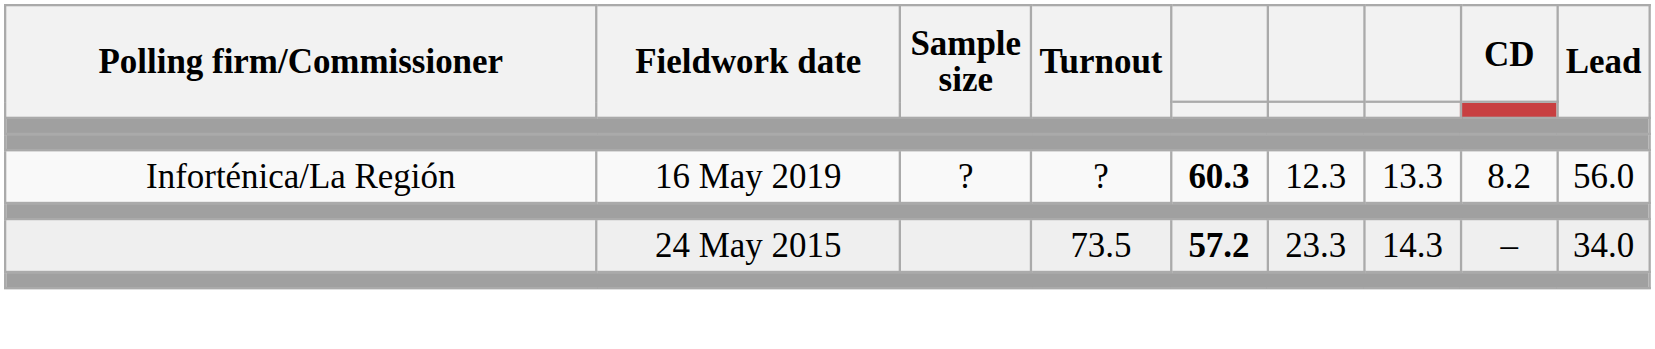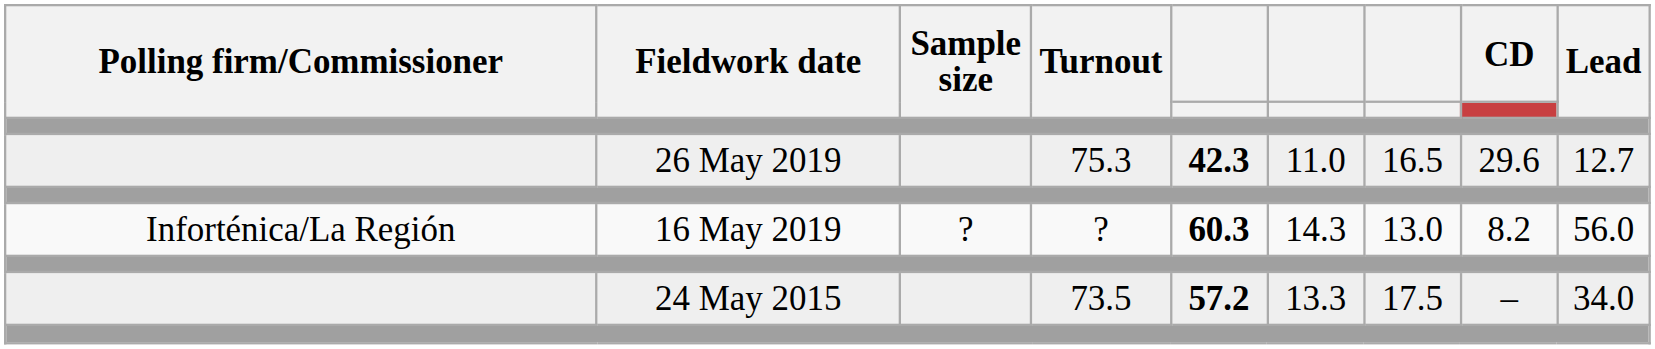 <table class="wikitable collapsible collapsed" style="text-align:center; font-size:95%; line-height:16px;">
 <tr style="height:42px;">
 <th style="width:250px;" rowspan="2">Polling firm/Commissioner</th>
 <th style="width:125px;" rowspan="2">Fieldwork date</th>
 <th style="width:50px;" rowspan="2">Sample size</th>
 <th style="width:45px;" rowspan="2">Turnout</th>
 <th style="width:35px;"></th>
 <th style="width:35px;"></th>
 <th style="width:35px;"></th>
 <th style="width:35px;">CD</th>
 <th style="width:30px;" rowspan="2">Lead</th>
 </tr>
 <tr>
 <th style="color:inherit;background:"></th>
 <th style="color:inherit;background:"></th>
 <th style="color:inherit;background:"></th>
 <th style="color:inherit;background:#C83F41;"></th>
 </tr>
 <tr>
 <td colspan="9" style="background:#A0A0A0"></td>
 </tr>
+<tr style="background:#EFEFEF;">
+<td><strong></strong></td>
+<td>26 May 2019</td>
+<td></td>
+<td>75.3</td>
+<td><strong>42.3</strong><br></td>
+<td>11.0<br></td>
+<td>16.5<br></td>
+<td>29.6<br></td>
+<td style="background:">12.7</td>
+</tr>
 <tr>
 <td colspan="9" style="background:#A0A0A0"></td>
 </tr>
 <tr>
 <td>Inforténica/La Región</td>
 <td>16 May 2019</td>
 <td>?</td>
 <td>?</td>
 <td><strong>60.3</strong><br></td>
-<td>12.3<br></td>
-<td>13.3<br></td>
+<td>14.3<br></td>
+<td>13.0<br></td>
 <td>8.2<br></td>
 <td style="background:">56.0</td>
 </tr>
 <tr>
 <td colspan="9" style="background:#A0A0A0"></td>
 </tr>
 <tr style="background:#EFEFEF;">
 <td><strong></strong></td>
 <td>24 May 2015</td>
 <td></td>
 <td>73.5</td>
 <td><strong>57.2</strong><br></td>
-<td>23.3<br></td>
-<td>14.3<br></td>
+<td>13.3<br></td>
+<td>17.5<br></td>
 <td>–</td>
 <td style="background:">34.0</td>
 </tr>
 <tr>
 <td colspan="9" style="background:#A0A0A0"></td>
 </tr>
 </table>
